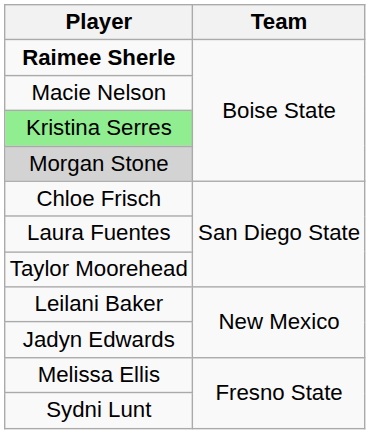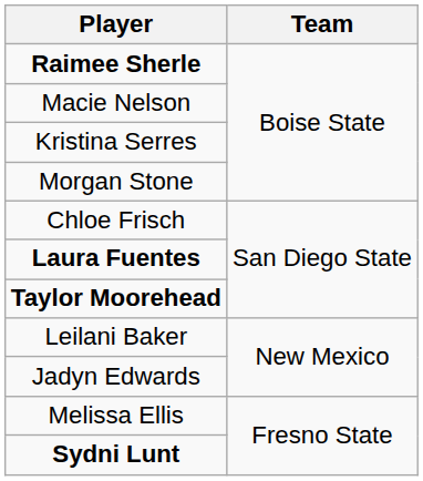 <table class="wikitable" style="text-align: center;">
 <tr>
 <th>Player</th>
 <th>Team</th>
 </tr>
 <tr>
 <td><strong>Raimee Sherle</strong></td>
 <td rowspan=4>Boise State</td>
 </tr>
 <tr>
 <td>Macie Nelson</td>
 </tr>
 <tr>
-<td style="background: lightgreen;">Kristina Serres</td>
+<td>Kristina Serres</td>
 </tr>
 <tr>
-<td style="background: lightgrey;">Morgan Stone</td>
+<td>Morgan Stone</td>
 </tr>
 <tr>
 <td>Chloe Frisch</td>
 <td rowspan=3>San Diego State</td>
 </tr>
 <tr>
-<td>Laura Fuentes</td>
+<td><strong>Laura Fuentes</strong></td>
 </tr>
 <tr>
-<td>Taylor Moorehead</td>
+<td><strong>Taylor Moorehead</strong></td>
 </tr>
 <tr>
 <td>Leilani Baker</td>
 <td rowspan=2>New Mexico</td>
 </tr>
 <tr>
 <td>Jadyn Edwards</td>
 </tr>
 <tr>
 <td>Melissa Ellis</td>
 <td rowspan=2>Fresno State</td>
 </tr>
 <tr>
-<td>Sydni Lunt</td>
+<td><strong>Sydni Lunt</strong></td>
 </tr>
 </table>
